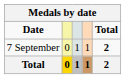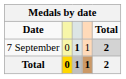 <table class="wikitable" style="font-size:85%">
 <tr bgcolor="#efefef">
 <th colspan=6>Medals by date</th>
 </tr>
 <tr align=center>
 <td><strong>Date</strong></td>
 <td bgcolor=#f7f6a8></td>
 <td bgcolor=#dce5e5></td>
 <td bgcolor=#ffdab9></td>
 <td><strong>Total</strong></td>
 </tr>
 <tr align=center>
 <td>7 September</td>
 <td style="background:#F7F6A8;">0</td>
-<td style="background:#DCE5E5;">1</td>
+<td style="background:#DCE5E5;"><strong>1</strong></td>
 <td style="background:#FFDAB9;">1</td>
-<td><strong>2</strong></td>
+<td style="background: lightgrey;"><strong>2</strong></td>
 </tr>
 <tr align=center>
 <th><strong>Total</strong></th>
 <th style="background:gold;"><strong>0</strong></th>
 <th style="background:silver;"><strong>1</strong></th>
 <th style="background:#c96;"><strong>1</strong></th>
 <th>2</th>
 </tr>
 </table>
